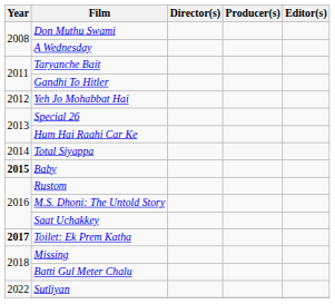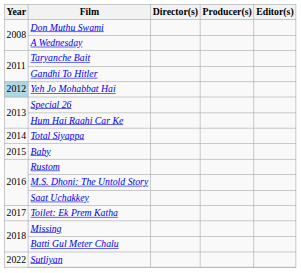 <table class="wikitable sortable">
 <tr>
 <th>Year</th>
 <th>Film</th>
 <th>Director(s)</th>
 <th>Producer(s)</th>
 <th>Editor(s)</th>
 </tr>
 <tr>
 <td rowspan="2">2008</td>
 <td><em><a href='#'>Don Muthu Swami</a></em></td>
 <td></td>
 <td></td>
 <td></td>
 </tr>
 <tr>
 <td><em><a href='#'>A Wednesday</a></em></td>
 <td></td>
 <td></td>
 <td></td>
 </tr>
 <tr>
 <td rowspan="2">2011</td>
 <td><em><a href='#'>Taryanche Bait</a></em></td>
 <td></td>
 <td></td>
 <td></td>
 </tr>
 <tr>
 <td><em><a href='#'>Gandhi To Hitler</a></em></td>
 <td></td>
 <td></td>
 <td></td>
 </tr>
 <tr>
-<td>2012</td>
+<td style="background: lightblue;">2012</td>
 <td><em><a href='#'>Yeh Jo Mohabbat Hai</a></em></td>
 <td></td>
 <td></td>
 <td></td>
 </tr>
 <tr>
 <td rowspan="2">2013</td>
 <td><em><a href='#'>Special 26</a></em></td>
 <td></td>
 <td></td>
 <td></td>
 </tr>
 <tr>
 <td><em><a href='#'>Hum Hai Raahi Car Ke</a></em></td>
 <td></td>
 <td></td>
 <td></td>
 </tr>
 <tr>
 <td>2014</td>
 <td><em><a href='#'>Total Siyappa</a></em></td>
 <td></td>
 <td></td>
 <td></td>
 </tr>
 <tr>
-<td><strong>2015</strong></td>
+<td>2015</td>
 <td><em><a href='#'>Baby</a></em></td>
 <td></td>
 <td></td>
 <td></td>
 </tr>
 <tr>
 <td rowspan="3">2016</td>
 <td><em><a href='#'>Rustom</a></em></td>
 <td></td>
 <td></td>
 <td></td>
 </tr>
 <tr>
 <td><em><a href='#'>M.S. Dhoni: The Untold Story</a></em></td>
 <td></td>
 <td></td>
 <td></td>
 </tr>
 <tr>
 <td><em><a href='#'>Saat Uchakkey</a></em></td>
 <td></td>
 <td></td>
 <td></td>
 </tr>
 <tr>
-<td><strong>2017</strong></td>
+<td>2017</td>
 <td><em><a href='#'>Toilet: Ek Prem Katha</a></em></td>
 <td></td>
 <td></td>
 <td></td>
 </tr>
 <tr>
 <td rowspan="2">2018</td>
 <td><em><a href='#'>Missing</a></em></td>
 <td></td>
 <td></td>
 <td></td>
 </tr>
 <tr>
 <td><em><a href='#'>Batti Gul Meter Chalu</a></em></td>
 <td></td>
 <td></td>
 <td></td>
 </tr>
 <tr>
 <td rowspan="3">2022</td>
 <td><em><a href='#'>Sutliyan</a></em></td>
 <td></td>
 <td></td>
 <td></td>
 </tr>
 <tr>
 </tr>
 </table>
